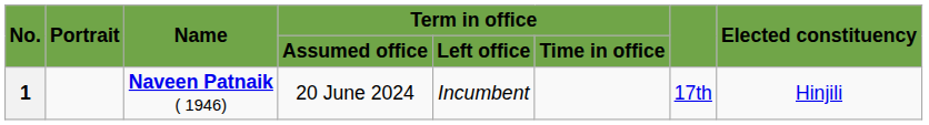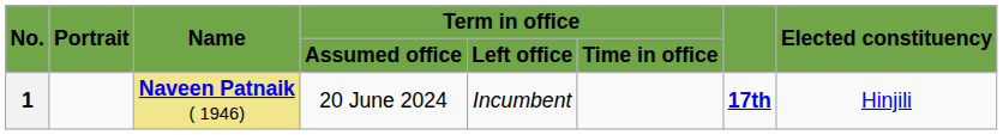 <table class="wikitable sortable" style="text-align:center;">
 <tr>
 <th rowspan=2 style="background-color:#70A548;color:black">No.</th>
 <th rowspan=2 style="background-color:#70A548;color:black">Portrait</th>
 <th rowspan=2 style="background-color:#70A548;color:black">Name<br></th>
 <th colspan=3 style="background-color:#70A548;color:black">Term in office</th>
 <th rowspan=2 style="background-color:#70A548;color:black"><a href='#'></a><br></th>
 <th rowspan=2 style="background-color:#70A548;color:black">Elected constituency</th>
 </tr>
 <tr>
 <th style="background-color:#70A548;color:black">Assumed office</th>
 <th style="background-color:#70A548;color:black">Left office</th>
 <th style="background-color:#70A548;color:black">Time in office</th>
 </tr>
 <tr>
 <th>1</th>
 <td></td>
-<td><strong><a href='#'>Naveen Patnaik</a></strong><br><small>( 1946)</small></td>
+<td style="background: khaki;"><strong><a href='#'>Naveen Patnaik</a></strong><br><small>( 1946)</small></td>
 <td>20 June 2024</td>
 <td><em>Incumbent</em></td>
 <td></td>
-<td><a href='#'>17th</a><br></td>
+<td><strong><a href='#'>17th</a><br></strong></td>
 <td><a href='#'>Hinjili</a></td>
 </tr>
 </table>
